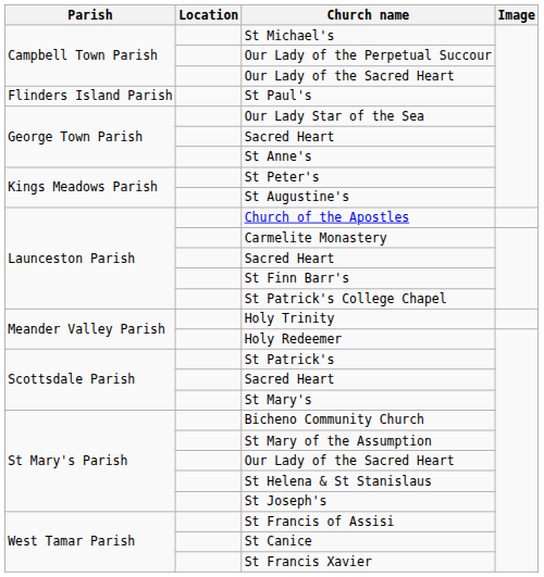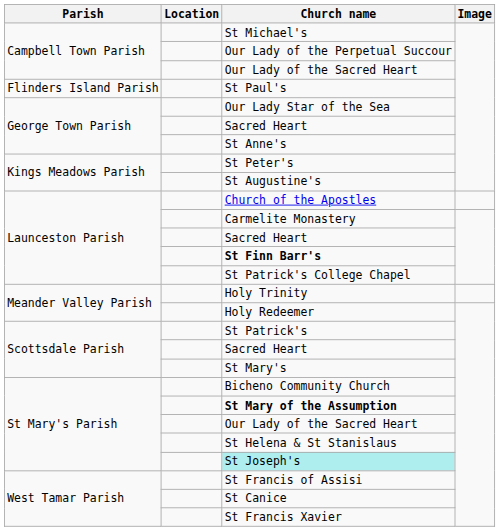 <table class="wikitable sortable">
 <tr>
 <th>Parish</th>
 <th>Location</th>
 <th>Church name</th>
 <th>Image</th>
 </tr>
 <tr>
 <td rowspan=3>Campbell Town Parish</td>
 <td></td>
 <td>St Michael's</td>
 </tr>
 <tr>
 <td></td>
 <td>Our Lady of the Perpetual Succour</td>
 </tr>
 <tr>
 <td></td>
 <td>Our Lady of the Sacred Heart</td>
 </tr>
 <tr>
 <td>Flinders Island Parish</td>
 <td></td>
 <td>St Paul's</td>
 </tr>
 <tr>
 <td rowspan=3>George Town Parish</td>
 <td></td>
 <td>Our Lady Star of the Sea</td>
 </tr>
 <tr>
 <td></td>
 <td>Sacred Heart</td>
 </tr>
 <tr>
 <td></td>
 <td>St Anne's</td>
 </tr>
 <tr>
 <td rowspan=2>Kings Meadows Parish</td>
 <td></td>
 <td>St Peter's</td>
 </tr>
 <tr>
 <td></td>
 <td>St Augustine's</td>
 </tr>
 <tr>
 <td rowspan=5>Launceston Parish</td>
 <td></td>
 <td><a href='#'>Church of the Apostles</a></td>
 <td></td>
 </tr>
 <tr>
 <td></td>
 <td>Carmelite Monastery</td>
 </tr>
 <tr>
 <td></td>
 <td>Sacred Heart</td>
 </tr>
 <tr>
 <td></td>
-<td>St Finn Barr's</td>
+<td><strong>St Finn Barr's</strong></td>
 </tr>
 <tr>
 <td></td>
 <td>St Patrick's College Chapel</td>
 </tr>
 <tr>
 <td rowspan=2>Meander Valley Parish</td>
 <td></td>
 <td>Holy Trinity</td>
 <td></td>
 </tr>
 <tr>
 <td></td>
 <td>Holy Redeemer</td>
 </tr>
 <tr>
 <td rowspan=3>Scottsdale Parish</td>
 <td></td>
 <td>St Patrick's</td>
 </tr>
 <tr>
 <td></td>
 <td>Sacred Heart</td>
 </tr>
 <tr>
 <td></td>
 <td>St Mary's</td>
 </tr>
 <tr>
 <td rowspan=5>St Mary's Parish</td>
 <td></td>
 <td>Bicheno Community Church</td>
 </tr>
 <tr>
 <td></td>
-<td>St Mary of the Assumption</td>
+<td><strong>St Mary of the Assumption</strong></td>
 </tr>
 <tr>
 <td></td>
 <td>Our Lady of the Sacred Heart</td>
 </tr>
 <tr>
 <td></td>
 <td>St Helena & St Stanislaus</td>
 </tr>
 <tr>
 <td></td>
-<td>St Joseph's</td>
+<td style="background: paleturquoise;">St Joseph's</td>
 </tr>
 <tr>
 <td rowspan=3>West Tamar Parish</td>
 <td></td>
 <td>St Francis of Assisi</td>
 </tr>
 <tr>
 <td></td>
 <td>St Canice</td>
 </tr>
 <tr>
 <td></td>
 <td>St Francis Xavier</td>
 </tr>
 </table>
